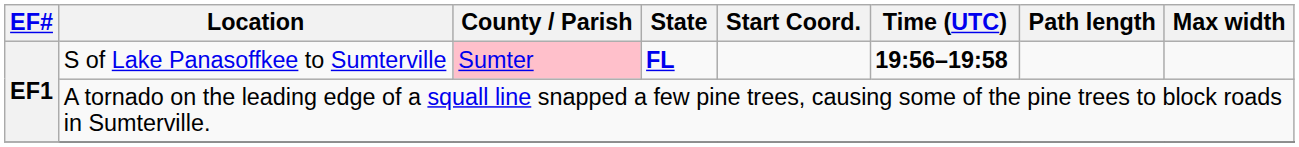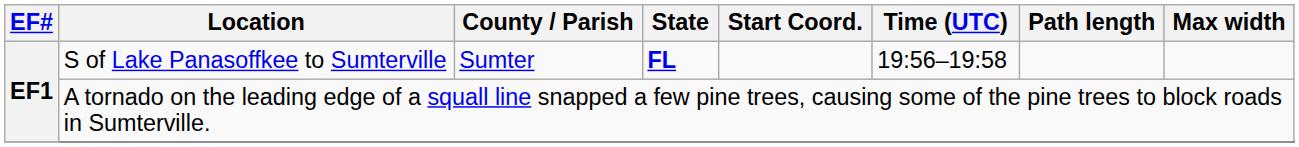 <table class="wikitable sortable" style="width:100%;">
 <tr>
 <th scope="col" width="2%" align="center"><a href='#'>EF#</a></th>
 <th scope="col" align="center" class="unsortable">Location</th>
 <th scope="col" align="center" class="unsortable">County / Parish</th>
 <th scope="col" align="center">State</th>
 <th scope="col" align="center">Start Coord.</th>
 <th scope="col" align="center">Time (<a href='#'>UTC</a>)</th>
 <th scope="col" align="center">Path length</th>
 <th scope="col" align="center">Max width</th>
 </tr>
 <tr>
 <th scope="row" rowspan="2" style="background-color:#">EF1</th>
 <td>S of <a href='#'>Lake Panasoffkee</a> to <a href='#'>Sumterville</a></td>
-<td style="background: pink;"><a href='#'>Sumter</a></td>
+<td><a href='#'>Sumter</a></td>
 <td><strong><a href='#'>FL</a></strong></td>
 <td></td>
-<td><strong>19:56–19:58</strong></td>
+<td>19:56–19:58</td>
 <td></td>
 <td></td>
 </tr>
 <tr class="expand-child">
 <td colspan="8" style=" border-bottom: 1px solid black;">A tornado on the leading edge of a <a href='#'>squall line</a> snapped a few pine trees, causing some of the pine trees to block roads in Sumterville.</td>
 </tr>
 <tr>
 </tr>
 </table>
